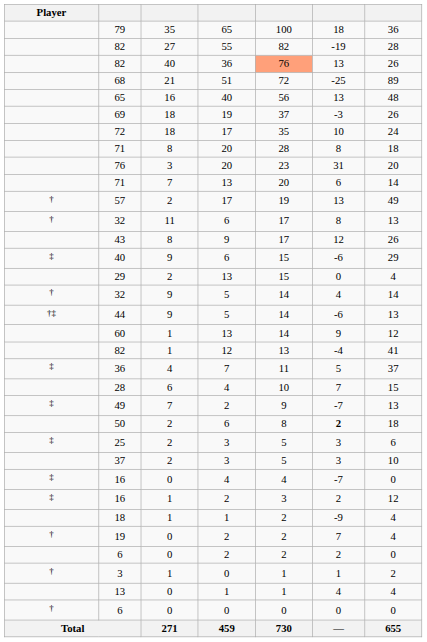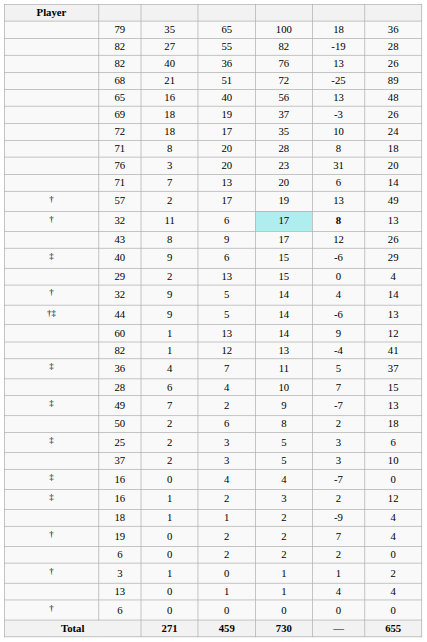 <table class="wikitable sortable" style="width:100%; text-align:center;">
 <tr align=center>
 <th>Player</th>
 <th></th>
 <th></th>
 <th></th>
 <th></th>
 <th data-sort-type="number"></th>
 <th></th>
 </tr>
 <tr>
 <td></td>
 <td>79</td>
 <td>35</td>
 <td>65</td>
 <td>100</td>
 <td>18</td>
 <td>36</td>
 </tr>
 <tr>
 <td></td>
 <td>82</td>
 <td>27</td>
 <td>55</td>
 <td>82</td>
 <td>-19</td>
 <td>28</td>
 </tr>
 <tr>
 <td></td>
 <td>82</td>
 <td>40</td>
 <td>36</td>
-<td style="background: lightsalmon;">76</td>
+<td>76</td>
 <td>13</td>
 <td>26</td>
 </tr>
 <tr>
 <td></td>
 <td>68</td>
 <td>21</td>
 <td>51</td>
 <td>72</td>
 <td>-25</td>
 <td>89</td>
 </tr>
 <tr>
 <td></td>
 <td>65</td>
 <td>16</td>
 <td>40</td>
 <td>56</td>
 <td>13</td>
 <td>48</td>
 </tr>
 <tr>
 <td></td>
 <td>69</td>
 <td>18</td>
 <td>19</td>
 <td>37</td>
 <td>-3</td>
 <td>26</td>
 </tr>
 <tr>
 <td></td>
 <td>72</td>
 <td>18</td>
 <td>17</td>
 <td>35</td>
 <td>10</td>
 <td>24</td>
 </tr>
 <tr>
 <td></td>
 <td>71</td>
 <td>8</td>
 <td>20</td>
 <td>28</td>
 <td>8</td>
 <td>18</td>
 </tr>
 <tr>
 <td></td>
 <td>76</td>
 <td>3</td>
 <td>20</td>
 <td>23</td>
 <td>31</td>
 <td>20</td>
 </tr>
 <tr>
 <td></td>
 <td>71</td>
 <td>7</td>
 <td>13</td>
 <td>20</td>
 <td>6</td>
 <td>14</td>
 </tr>
 <tr>
 <td><sup>†</sup></td>
 <td>57</td>
 <td>2</td>
 <td>17</td>
 <td>19</td>
 <td>13</td>
 <td>49</td>
 </tr>
 <tr>
 <td><sup>†</sup></td>
 <td>32</td>
 <td>11</td>
 <td>6</td>
-<td>17</td>
-<td>8</td>
+<td style="background: paleturquoise;">17</td>
+<td><strong>8</strong></td>
 <td>13</td>
 </tr>
 <tr>
 <td></td>
 <td>43</td>
 <td>8</td>
 <td>9</td>
 <td>17</td>
 <td>12</td>
 <td>26</td>
 </tr>
 <tr>
 <td><sup>‡</sup></td>
 <td>40</td>
 <td>9</td>
 <td>6</td>
 <td>15</td>
 <td>-6</td>
 <td>29</td>
 </tr>
 <tr>
 <td></td>
 <td>29</td>
 <td>2</td>
 <td>13</td>
 <td>15</td>
 <td>0</td>
 <td>4</td>
 </tr>
 <tr>
 <td><sup>†</sup></td>
 <td>32</td>
 <td>9</td>
 <td>5</td>
 <td>14</td>
 <td>4</td>
 <td>14</td>
 </tr>
 <tr>
 <td><sup>†‡</sup></td>
 <td>44</td>
 <td>9</td>
 <td>5</td>
 <td>14</td>
 <td>-6</td>
 <td>13</td>
 </tr>
 <tr>
 <td></td>
 <td>60</td>
 <td>1</td>
 <td>13</td>
 <td>14</td>
 <td>9</td>
 <td>12</td>
 </tr>
 <tr>
 <td></td>
 <td>82</td>
 <td>1</td>
 <td>12</td>
 <td>13</td>
 <td>-4</td>
 <td>41</td>
 </tr>
 <tr>
 <td><sup>‡</sup></td>
 <td>36</td>
 <td>4</td>
 <td>7</td>
 <td>11</td>
 <td>5</td>
 <td>37</td>
 </tr>
 <tr>
 <td></td>
 <td>28</td>
 <td>6</td>
 <td>4</td>
 <td>10</td>
 <td>7</td>
 <td>15</td>
 </tr>
 <tr>
 <td><sup>‡</sup></td>
 <td>49</td>
 <td>7</td>
 <td>2</td>
 <td>9</td>
 <td>-7</td>
 <td>13</td>
 </tr>
 <tr>
 <td></td>
 <td>50</td>
 <td>2</td>
 <td>6</td>
 <td>8</td>
-<td><strong>2</strong></td>
+<td>2</td>
 <td>18</td>
 </tr>
 <tr>
 <td><sup>‡</sup></td>
 <td>25</td>
 <td>2</td>
 <td>3</td>
 <td>5</td>
 <td>3</td>
 <td>6</td>
 </tr>
 <tr>
 <td></td>
 <td>37</td>
 <td>2</td>
 <td>3</td>
 <td>5</td>
 <td>3</td>
 <td>10</td>
 </tr>
 <tr>
 <td><sup>‡</sup></td>
 <td>16</td>
 <td>0</td>
 <td>4</td>
 <td>4</td>
 <td>-7</td>
 <td>0</td>
 </tr>
 <tr>
 <td><sup>‡</sup></td>
 <td>16</td>
 <td>1</td>
 <td>2</td>
 <td>3</td>
 <td>2</td>
 <td>12</td>
 </tr>
 <tr>
 <td></td>
 <td>18</td>
 <td>1</td>
 <td>1</td>
 <td>2</td>
 <td>-9</td>
 <td>4</td>
 </tr>
 <tr>
 <td><sup>†</sup></td>
 <td>19</td>
 <td>0</td>
 <td>2</td>
 <td>2</td>
 <td>7</td>
 <td>4</td>
 </tr>
 <tr>
 <td></td>
 <td>6</td>
 <td>0</td>
 <td>2</td>
 <td>2</td>
 <td>2</td>
 <td>0</td>
 </tr>
 <tr>
 <td><sup>†</sup></td>
 <td>3</td>
 <td>1</td>
 <td>0</td>
 <td>1</td>
 <td>1</td>
 <td>2</td>
 </tr>
 <tr>
 <td></td>
 <td>13</td>
 <td>0</td>
 <td>1</td>
 <td>1</td>
 <td>4</td>
 <td>4</td>
 </tr>
 <tr>
 <td><sup>†</sup></td>
 <td>6</td>
 <td>0</td>
 <td>0</td>
 <td>0</td>
 <td>0</td>
 <td>0</td>
 </tr>
 <tr class="sortbottom">
 <th colspan=2>Total</th>
 <th>271</th>
 <th>459</th>
 <th>730</th>
 <th>—</th>
 <th>655</th>
 </tr>
 </table>
